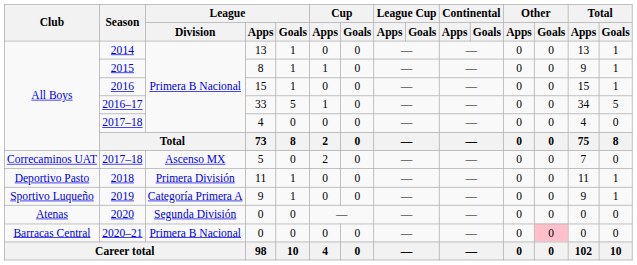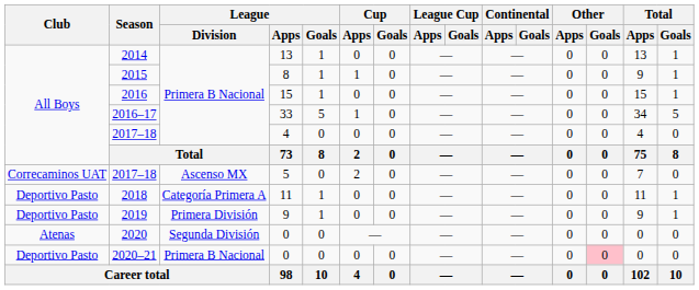 <table class="wikitable" style="text-align:center">
 <tr>
 <th rowspan="2">Club</th>
 <th rowspan="2">Season</th>
 <th colspan="3">League</th>
 <th colspan="2">Cup</th>
 <th colspan="2">League Cup</th>
 <th colspan="2">Continental</th>
 <th colspan="2">Other</th>
 <th colspan="2">Total</th>
 </tr>
 <tr>
 <th>Division</th>
 <th>Apps</th>
 <th>Goals</th>
 <th>Apps</th>
 <th>Goals</th>
 <th>Apps</th>
 <th>Goals</th>
 <th>Apps</th>
 <th>Goals</th>
 <th>Apps</th>
 <th>Goals</th>
 <th>Apps</th>
 <th>Goals</th>
 </tr>
 <tr>
 <td rowspan="6"><a href='#'>All Boys</a></td>
 <td><a href='#'>2014</a></td>
 <td rowspan="5"><a href='#'>Primera B Nacional</a></td>
 <td>13</td>
 <td>1</td>
 <td>0</td>
 <td>0</td>
 <td colspan="2">—</td>
 <td colspan="2">—</td>
 <td>0</td>
 <td>0</td>
 <td>13</td>
 <td>1</td>
 </tr>
 <tr>
 <td><a href='#'>2015</a></td>
 <td>8</td>
 <td>1</td>
 <td>1</td>
 <td>0</td>
 <td colspan="2">—</td>
 <td colspan="2">—</td>
 <td>0</td>
 <td>0</td>
 <td>9</td>
 <td>1</td>
 </tr>
 <tr>
 <td><a href='#'>2016</a></td>
 <td>15</td>
 <td>1</td>
 <td>0</td>
 <td>0</td>
 <td colspan="2">—</td>
 <td colspan="2">—</td>
 <td>0</td>
 <td>0</td>
 <td>15</td>
 <td>1</td>
 </tr>
 <tr>
 <td><a href='#'>2016–17</a></td>
 <td>33</td>
 <td>5</td>
 <td>1</td>
 <td>0</td>
 <td colspan="2">—</td>
 <td colspan="2">—</td>
 <td>0</td>
 <td>0</td>
 <td>34</td>
 <td>5</td>
 </tr>
 <tr>
 <td><a href='#'>2017–18</a></td>
 <td>4</td>
 <td>0</td>
 <td>0</td>
 <td>0</td>
 <td colspan="2">—</td>
 <td colspan="2">—</td>
 <td>0</td>
 <td>0</td>
 <td>4</td>
 <td>0</td>
 </tr>
 <tr>
 <th colspan="2">Total</th>
 <th>73</th>
 <th>8</th>
 <th>2</th>
 <th>0</th>
 <th colspan="2">—</th>
 <th colspan="2">—</th>
 <th>0</th>
 <th>0</th>
 <th>75</th>
 <th>8</th>
 </tr>
 <tr>
 <td rowspan="1"><a href='#'>Correcaminos UAT</a></td>
 <td><a href='#'>2017–18</a></td>
 <td rowspan="1"><a href='#'>Ascenso MX</a></td>
 <td>5</td>
 <td>0</td>
 <td>2</td>
 <td>0</td>
 <td colspan="2">—</td>
 <td colspan="2">—</td>
 <td>0</td>
 <td>0</td>
 <td>7</td>
 <td>0</td>
 </tr>
 <tr>
 <td rowspan="1"><a href='#'>Deportivo Pasto</a></td>
 <td><a href='#'>2018</a></td>
-<td rowspan="1"><a href='#'>Primera División</a></td>
+<td rowspan="1"><a href='#'>Categoría Primera A</a></td>
 <td>11</td>
 <td>1</td>
 <td>0</td>
 <td>0</td>
 <td colspan="2">—</td>
 <td colspan="2">—</td>
 <td>0</td>
 <td>0</td>
 <td>11</td>
 <td>1</td>
 </tr>
 <tr>
-<td rowspan="1"><a href='#'>Sportivo Luqueño</a></td>
+<td rowspan="1"><a href='#'>Deportivo Pasto</a></td>
 <td><a href='#'>2019</a></td>
-<td rowspan="1"><a href='#'>Categoría Primera A</a></td>
+<td rowspan="1"><a href='#'>Primera División</a></td>
 <td>9</td>
 <td>1</td>
 <td>0</td>
 <td>0</td>
 <td colspan="2">—</td>
 <td colspan="2">—</td>
 <td>0</td>
 <td>0</td>
 <td>9</td>
 <td>1</td>
 </tr>
 <tr>
 <td rowspan="1"><a href='#'>Atenas</a></td>
 <td><a href='#'>2020</a></td>
 <td rowspan="1"><a href='#'>Segunda División</a></td>
 <td>0</td>
 <td>0</td>
 <td colspan="2">—</td>
 <td colspan="2">—</td>
 <td colspan="2">—</td>
 <td>0</td>
 <td>0</td>
 <td>0</td>
 <td>0</td>
 </tr>
 <tr>
-<td rowspan="1"><a href='#'>Barracas Central</a></td>
+<td rowspan="1"><a href='#'>Deportivo Pasto</a></td>
 <td><a href='#'>2020–21</a></td>
 <td rowspan="1"><a href='#'>Primera B Nacional</a></td>
 <td>0</td>
 <td>0</td>
 <td>0</td>
 <td>0</td>
 <td colspan="2">—</td>
 <td colspan="2">—</td>
 <td>0</td>
 <td style="background: pink;">0</td>
 <td>0</td>
 <td>0</td>
 </tr>
 <tr>
 <th colspan="3">Career total</th>
 <th>98</th>
 <th>10</th>
 <th>4</th>
 <th>0</th>
 <th colspan="2">—</th>
 <th colspan="2">—</th>
 <th>0</th>
 <th>0</th>
 <th>102</th>
 <th>10</th>
 </tr>
 </table>
